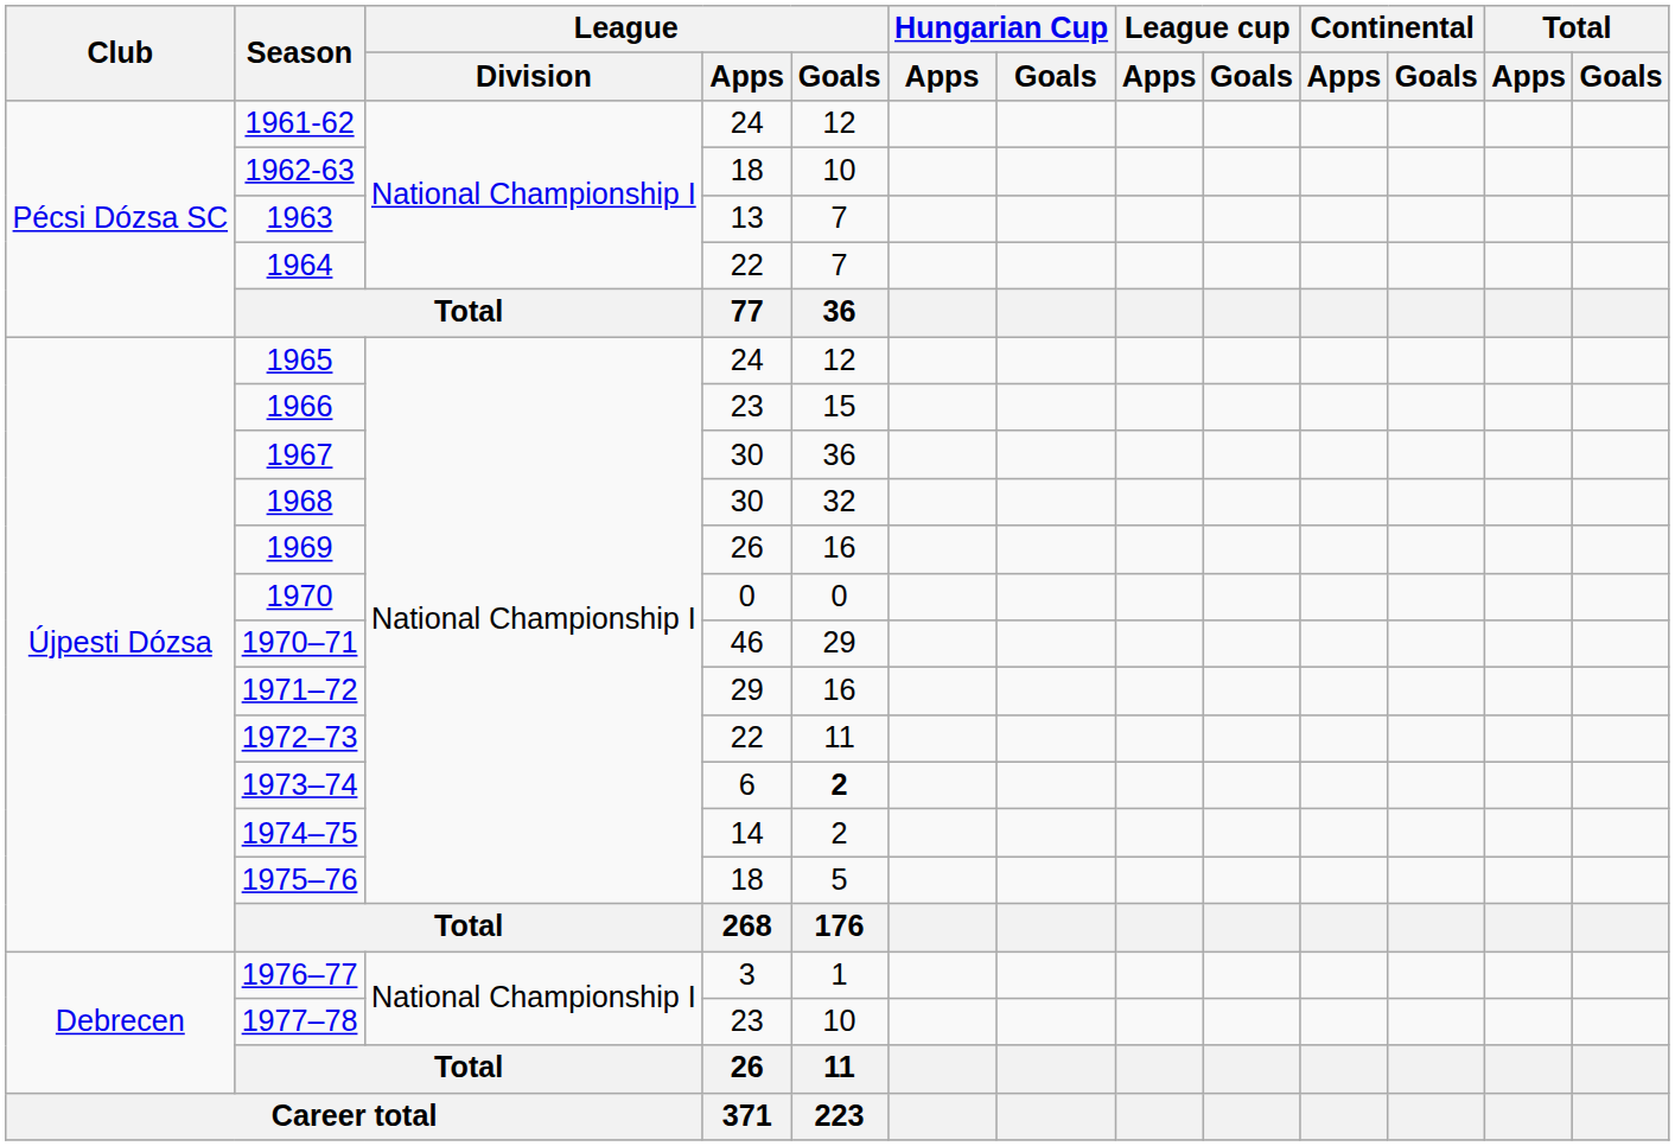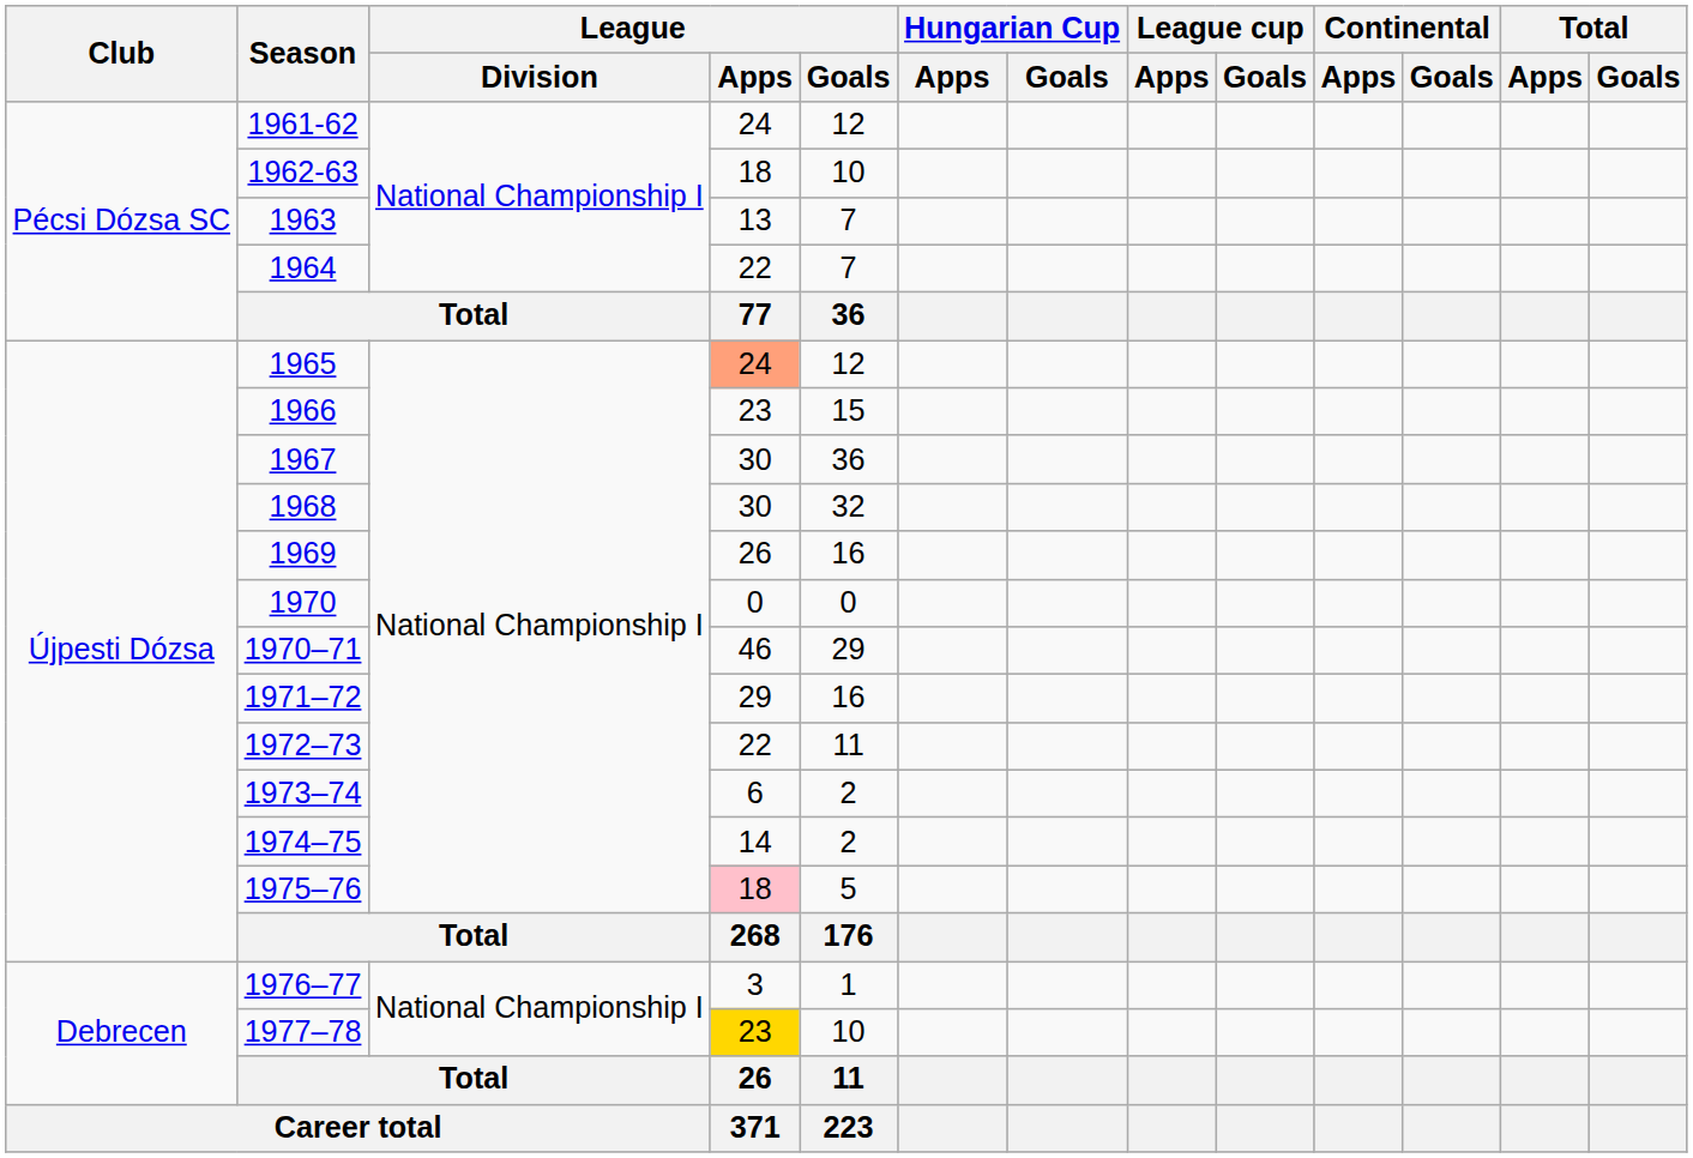 <table class="wikitable" style="text-align:center">
 <tr>
 <th rowspan="2">Club</th>
 <th rowspan="2">Season</th>
 <th colspan="3">League</th>
 <th colspan="2"><a href='#'>Hungarian Cup</a></th>
 <th colspan="2">League cup</th>
 <th colspan="2">Continental</th>
 <th colspan="2">Total</th>
 </tr>
 <tr>
 <th>Division</th>
 <th>Apps</th>
 <th>Goals</th>
 <th>Apps</th>
 <th>Goals</th>
 <th>Apps</th>
 <th>Goals</th>
 <th>Apps</th>
 <th>Goals</th>
 <th>Apps</th>
 <th>Goals</th>
 </tr>
 <tr>
 <td rowspan="5"><a href='#'>Pécsi Dózsa SC</a></td>
 <td><a href='#'>1961-62</a></td>
 <td rowspan="4"><a href='#'>National Championship I</a></td>
 <td>24</td>
 <td>12</td>
 <td></td>
 <td></td>
 <td></td>
 <td></td>
 <td></td>
 <td></td>
 <td></td>
 <td></td>
 </tr>
 <tr>
 <td><a href='#'>1962-63</a></td>
 <td>18</td>
 <td>10</td>
 <td></td>
 <td></td>
 <td></td>
 <td></td>
 <td></td>
 <td></td>
 <td></td>
 <td></td>
 </tr>
 <tr>
 <td><a href='#'>1963</a></td>
 <td>13</td>
 <td>7</td>
 <td></td>
 <td></td>
 <td></td>
 <td></td>
 <td></td>
 <td></td>
 <td></td>
 <td></td>
 </tr>
 <tr>
 <td><a href='#'>1964</a></td>
 <td>22</td>
 <td>7</td>
 <td></td>
 <td></td>
 <td></td>
 <td></td>
 <td></td>
 <td></td>
 <td></td>
 </tr>
 <tr>
 <th colspan="2">Total</th>
 <th>77</th>
 <th>36</th>
 <th></th>
 <th></th>
 <th></th>
 <th></th>
 <th></th>
 <th></th>
 <th></th>
 <th></th>
 </tr>
 <tr>
 <td rowspan="13"><a href='#'>Újpesti Dózsa</a></td>
 <td><a href='#'>1965</a></td>
 <td rowspan="12">National Championship I</td>
-<td>24</td>
+<td style="background: lightsalmon;">24</td>
 <td>12</td>
 <td></td>
 <td></td>
 <td></td>
 <td></td>
 <td></td>
 <td></td>
 <td></td>
 <td></td>
 </tr>
 <tr>
 <td><a href='#'>1966</a></td>
 <td>23</td>
 <td>15</td>
 <td></td>
 <td></td>
 <td></td>
 <td></td>
 <td></td>
 <td></td>
 <td></td>
 <td></td>
 </tr>
 <tr>
 <td><a href='#'>1967</a></td>
 <td>30</td>
 <td>36</td>
 <td></td>
 <td></td>
 <td></td>
 <td></td>
 <td></td>
 <td></td>
 <td></td>
 <td></td>
 </tr>
 <tr>
 <td><a href='#'>1968</a></td>
 <td>30</td>
 <td>32</td>
 <td></td>
 <td></td>
 <td></td>
 <td></td>
 <td></td>
 <td></td>
 <td></td>
 <td></td>
 </tr>
 <tr>
 <td><a href='#'>1969</a></td>
 <td>26</td>
 <td>16</td>
 <td></td>
 <td></td>
 <td></td>
 <td></td>
 <td></td>
 <td></td>
 <td></td>
 <td></td>
 </tr>
 <tr>
 <td><a href='#'>1970</a></td>
 <td>0</td>
 <td>0</td>
 <td></td>
 <td></td>
 <td></td>
 <td></td>
 <td></td>
 <td></td>
 <td></td>
 <td></td>
 </tr>
 <tr>
 <td><a href='#'>1970–71</a></td>
 <td>46</td>
 <td>29</td>
 <td></td>
 <td></td>
 <td></td>
 <td></td>
 <td></td>
 <td></td>
 <td></td>
 <td></td>
 </tr>
 <tr>
 <td><a href='#'>1971–72</a></td>
 <td>29</td>
 <td>16</td>
 <td></td>
 <td></td>
 <td></td>
 <td></td>
 <td></td>
 <td></td>
 <td></td>
 <td></td>
 </tr>
 <tr>
 <td><a href='#'>1972–73</a></td>
 <td>22</td>
 <td>11</td>
 <td></td>
 <td></td>
 <td></td>
 <td></td>
 <td></td>
 <td></td>
 <td></td>
 <td></td>
 </tr>
 <tr>
 <td><a href='#'>1973–74</a></td>
 <td>6</td>
-<td><strong>2</strong></td>
+<td>2</td>
 <td></td>
 <td></td>
 <td></td>
 <td></td>
 <td></td>
 <td></td>
 <td></td>
 <td></td>
 </tr>
 <tr>
 <td><a href='#'>1974–75</a></td>
 <td>14</td>
 <td>2</td>
 <td></td>
 <td></td>
 <td></td>
 <td></td>
 <td></td>
 <td></td>
 <td></td>
 <td></td>
 </tr>
 <tr>
 <td><a href='#'>1975–76</a></td>
-<td>18</td>
+<td style="background: pink;">18</td>
 <td>5</td>
 <td></td>
 <td></td>
 <td></td>
 <td></td>
 <td></td>
 <td></td>
 <td></td>
 <td></td>
 </tr>
 <tr>
 <th colspan="2">Total</th>
 <th>268</th>
 <th>176</th>
 <th></th>
 <th></th>
 <th></th>
 <th></th>
 <th></th>
 <th></th>
 <th></th>
 <th></th>
 </tr>
 <tr>
 <td rowspan="3"><a href='#'>Debrecen</a></td>
 <td><a href='#'>1976–77</a></td>
 <td rowspan="2">National Championship I</td>
 <td>3</td>
 <td>1</td>
 <td></td>
 <td></td>
 <td></td>
 <td></td>
 <td></td>
 <td></td>
 <td></td>
 <td></td>
 </tr>
 <tr>
 <td><a href='#'>1977–78</a></td>
-<td>23</td>
+<td style="background: gold;">23</td>
 <td>10</td>
 <td></td>
 <td></td>
 <td></td>
 <td></td>
 <td></td>
 <td></td>
 <td></td>
 <td></td>
 </tr>
 <tr>
 <th colspan="2">Total</th>
 <th>26</th>
 <th>11</th>
 <th></th>
 <th></th>
 <th></th>
 <th></th>
 <th></th>
 <th></th>
 <th></th>
 <th></th>
 </tr>
 <tr>
 <th colspan="3">Career total</th>
 <th>371</th>
 <th>223</th>
 <th></th>
 <th></th>
 <th></th>
 <th></th>
 <th></th>
 <th></th>
 <th></th>
 <th></th>
 </tr>
 </table>
